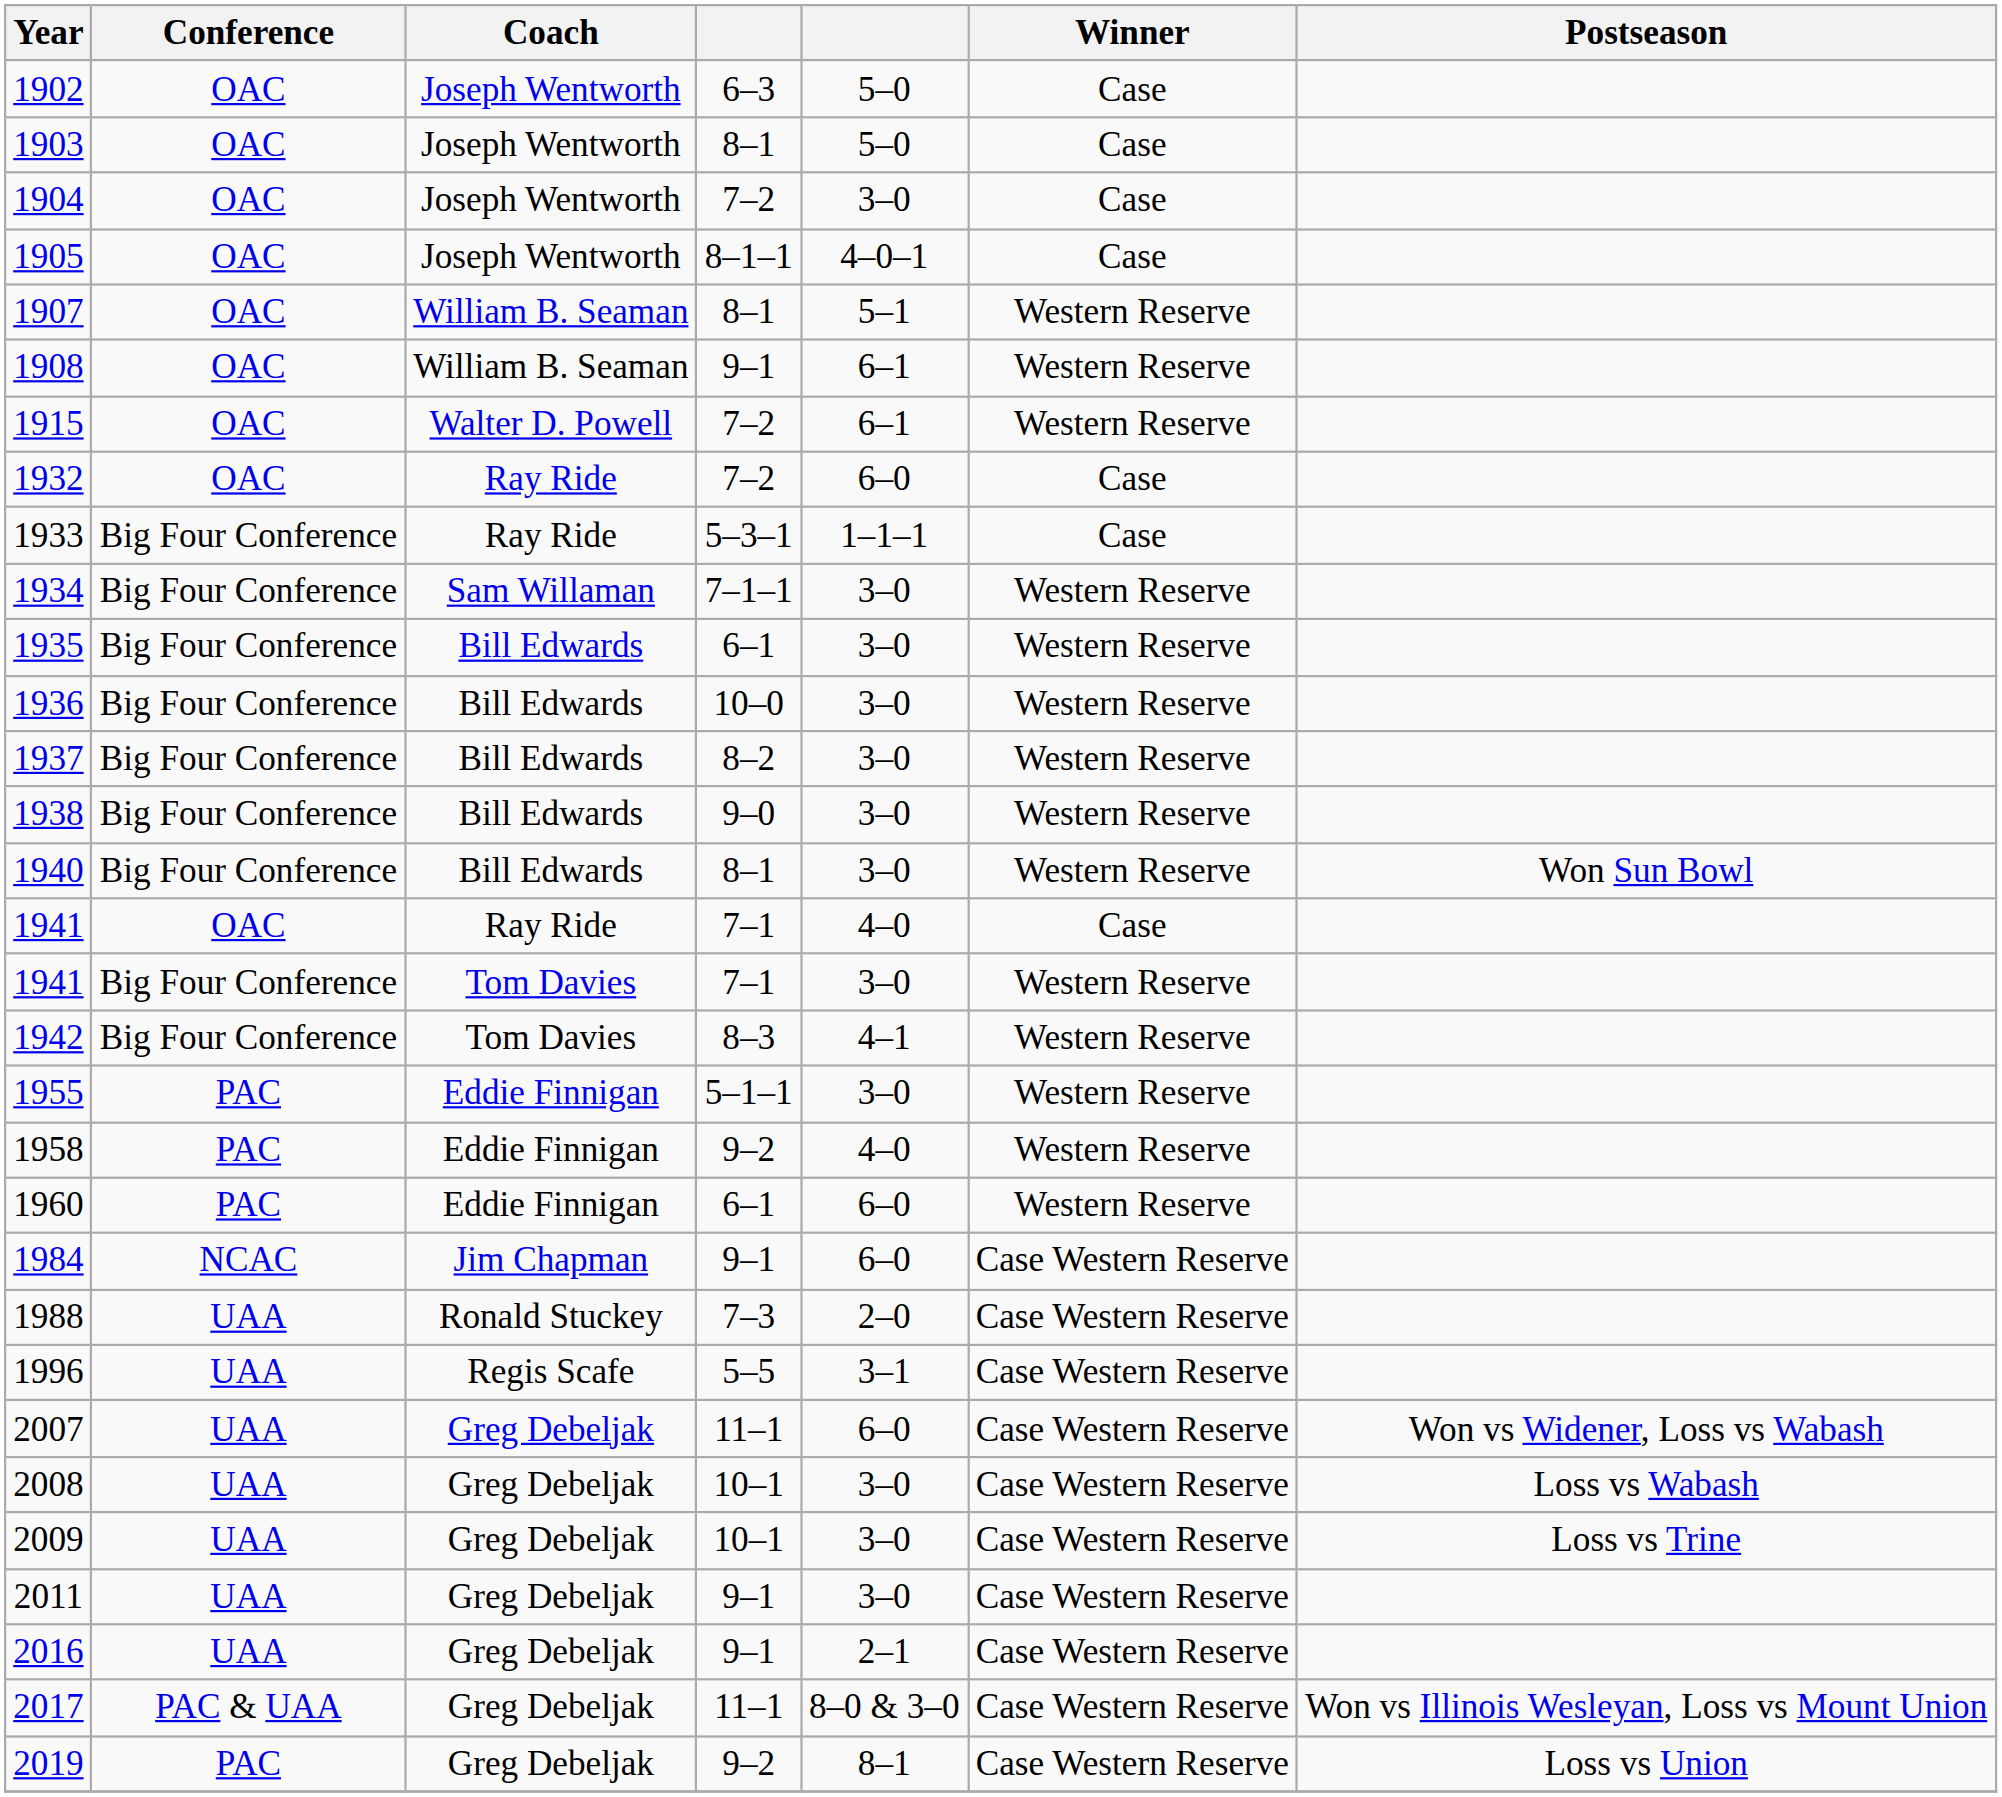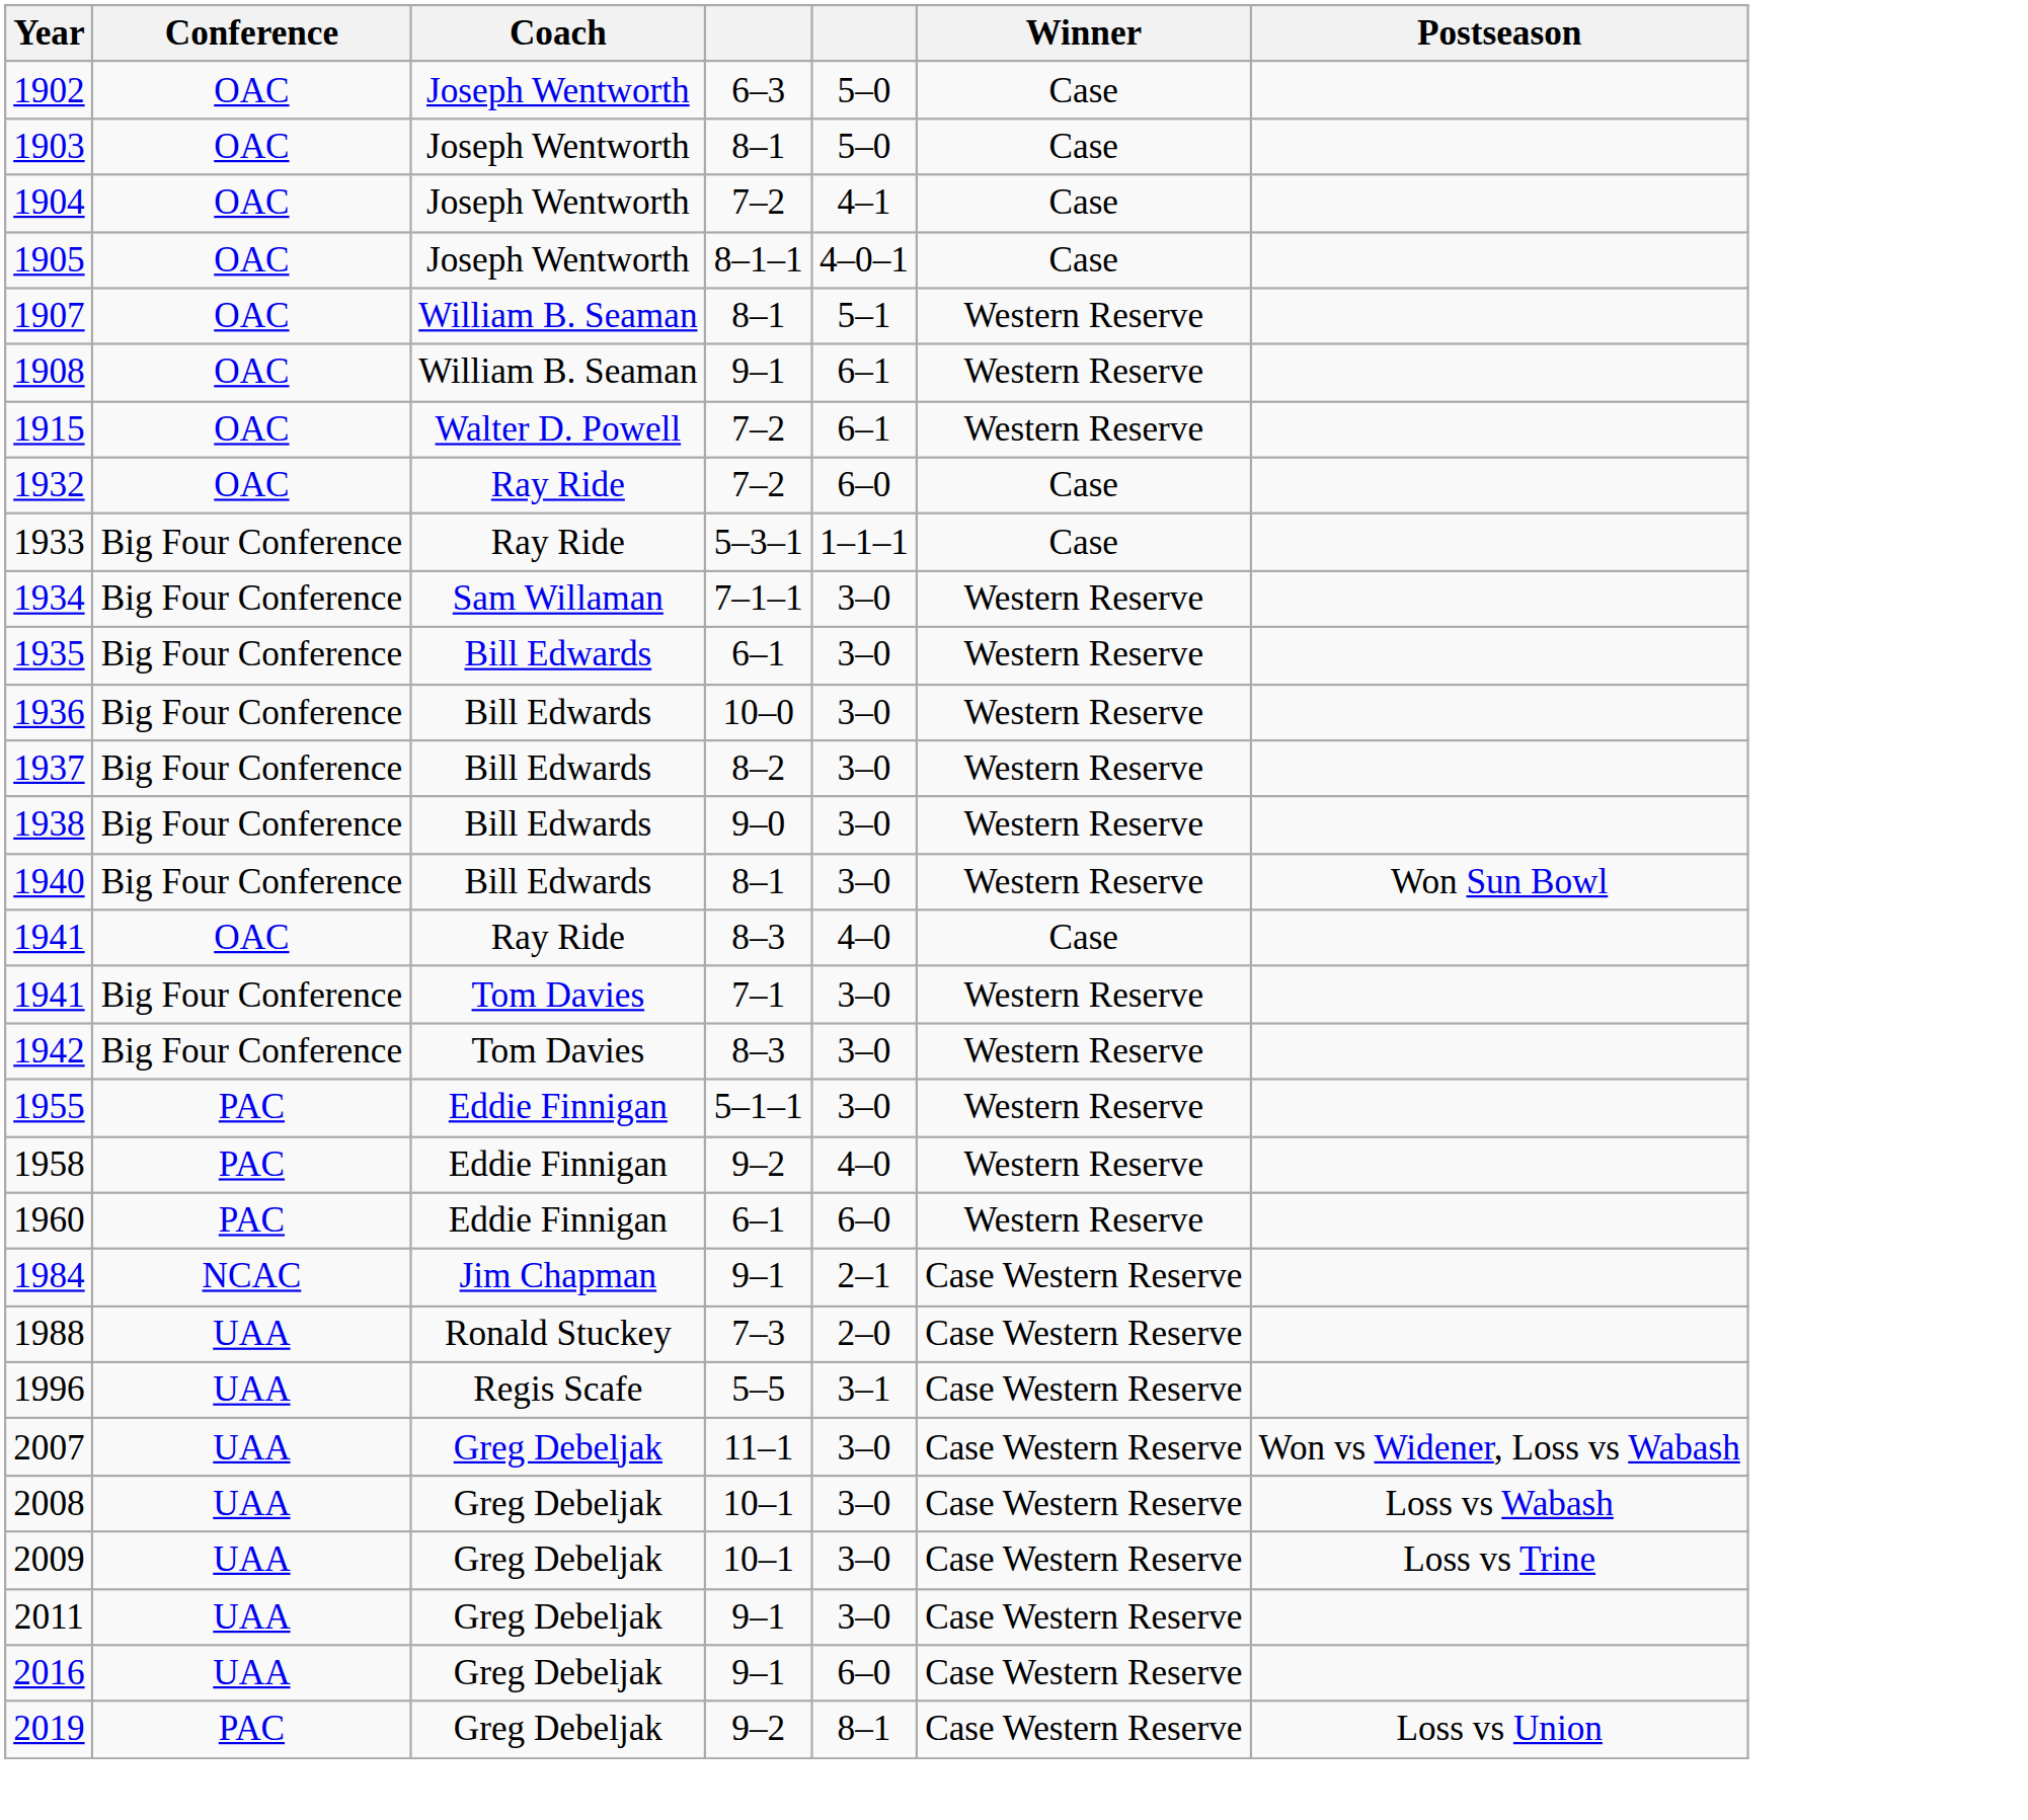 <table class= wikitable>
 <tr>
 <th width=px>Year</th>
 <th width=px>Conference</th>
 <th width=px>Coach</th>
 <th width=px></th>
 <th width=px></th>
 <th width=px>Winner</th>
 <th width=px>Postseason</th>
 </tr>
 <tr style="text-align:center;">
 <td><a href='#'>1902</a></td>
 <td><a href='#'>OAC</a></td>
 <td><a href='#'>Joseph Wentworth</a></td>
 <td>6–3</td>
 <td>5–0</td>
 <td>Case</td>
 <td></td>
 </tr>
 <tr style="text-align:center;">
 <td><a href='#'>1903</a></td>
 <td><a href='#'>OAC</a></td>
 <td>Joseph Wentworth</td>
 <td>8–1</td>
 <td>5–0</td>
 <td>Case</td>
 <td></td>
 </tr>
 <tr style="text-align:center;">
 <td><a href='#'>1904</a></td>
 <td><a href='#'>OAC</a></td>
 <td>Joseph Wentworth</td>
 <td>7–2</td>
-<td>3–0</td>
+<td>4–1</td>
 <td>Case</td>
 <td></td>
 </tr>
 <tr style="text-align:center;">
 <td><a href='#'>1905</a></td>
 <td><a href='#'>OAC</a></td>
 <td>Joseph Wentworth</td>
 <td>8–1–1</td>
 <td>4–0–1</td>
 <td>Case</td>
 <td></td>
 </tr>
 <tr style="text-align:center;">
 <td><a href='#'>1907</a></td>
 <td><a href='#'>OAC</a></td>
 <td><a href='#'>William B. Seaman</a></td>
 <td>8–1</td>
 <td>5–1</td>
 <td>Western Reserve</td>
 <td></td>
 </tr>
 <tr style="text-align:center;">
 <td><a href='#'>1908</a></td>
 <td><a href='#'>OAC</a></td>
 <td>William B. Seaman</td>
 <td>9–1</td>
 <td>6–1</td>
 <td>Western Reserve</td>
 <td></td>
 </tr>
 <tr style="text-align:center;">
 <td><a href='#'>1915</a></td>
 <td><a href='#'>OAC</a></td>
 <td><a href='#'>Walter D. Powell</a></td>
 <td>7–2</td>
 <td>6–1</td>
 <td>Western Reserve</td>
 <td></td>
 </tr>
 <tr style="text-align:center;">
 <td><a href='#'>1932</a></td>
 <td><a href='#'>OAC</a></td>
 <td><a href='#'>Ray Ride</a></td>
 <td>7–2</td>
 <td>6–0</td>
 <td>Case</td>
 <td></td>
 </tr>
 <tr style="text-align:center;">
 <td>1933</td>
 <td>Big Four Conference</td>
 <td>Ray Ride</td>
 <td>5–3–1</td>
 <td>1–1–1</td>
 <td>Case</td>
 <td></td>
 </tr>
 <tr style="text-align:center;">
 <td><a href='#'>1934</a></td>
 <td>Big Four Conference</td>
 <td><a href='#'>Sam Willaman</a></td>
 <td>7–1–1</td>
 <td>3–0</td>
 <td>Western Reserve</td>
 <td></td>
 </tr>
 <tr style="text-align:center;">
 <td><a href='#'>1935</a></td>
 <td>Big Four Conference</td>
 <td><a href='#'>Bill Edwards</a></td>
 <td>6–1</td>
 <td>3–0</td>
 <td>Western Reserve</td>
 <td></td>
 </tr>
 <tr style="text-align:center;">
 <td><a href='#'>1936</a></td>
 <td>Big Four Conference</td>
 <td>Bill Edwards</td>
 <td>10–0</td>
 <td>3–0</td>
 <td>Western Reserve</td>
 <td></td>
 </tr>
 <tr style="text-align:center;">
 <td><a href='#'>1937</a></td>
 <td>Big Four Conference</td>
 <td>Bill Edwards</td>
 <td>8–2</td>
 <td>3–0</td>
 <td>Western Reserve</td>
 <td></td>
 </tr>
 <tr style="text-align:center;">
 <td><a href='#'>1938</a></td>
 <td>Big Four Conference</td>
 <td>Bill Edwards</td>
 <td>9–0</td>
 <td>3–0</td>
 <td>Western Reserve</td>
 <td></td>
 </tr>
 <tr style="text-align:center;">
 <td><a href='#'>1940</a></td>
 <td>Big Four Conference</td>
 <td>Bill Edwards</td>
 <td>8–1</td>
 <td>3–0</td>
 <td>Western Reserve</td>
 <td>Won <a href='#'>Sun Bowl</a></td>
 </tr>
 <tr style="text-align:center;">
 <td><a href='#'>1941</a></td>
 <td><a href='#'>OAC</a></td>
 <td>Ray Ride</td>
-<td>7–1</td>
+<td>8–3</td>
 <td>4–0</td>
 <td>Case</td>
 <td></td>
 </tr>
 <tr style="text-align:center;">
 <td><a href='#'>1941</a></td>
 <td>Big Four Conference</td>
 <td><a href='#'>Tom Davies</a></td>
 <td>7–1</td>
 <td>3–0</td>
 <td>Western Reserve</td>
 <td></td>
 </tr>
 <tr style="text-align:center;">
 <td><a href='#'>1942</a></td>
 <td>Big Four Conference</td>
 <td>Tom Davies</td>
 <td>8–3</td>
-<td>4–1</td>
+<td>3–0</td>
 <td>Western Reserve</td>
 <td></td>
 </tr>
 <tr style="text-align:center;">
 <td><a href='#'>1955</a></td>
 <td><a href='#'>PAC</a></td>
 <td><a href='#'>Eddie Finnigan</a></td>
 <td>5–1–1</td>
 <td>3–0</td>
 <td>Western Reserve</td>
 <td></td>
 </tr>
 <tr style="text-align:center;">
 <td>1958</td>
 <td><a href='#'>PAC</a></td>
 <td>Eddie Finnigan</td>
 <td>9–2</td>
 <td>4–0</td>
 <td>Western Reserve</td>
 <td></td>
 </tr>
 <tr style="text-align:center;">
 <td>1960</td>
 <td><a href='#'>PAC</a></td>
 <td>Eddie Finnigan</td>
 <td>6–1</td>
 <td>6–0</td>
 <td>Western Reserve</td>
 <td></td>
 </tr>
 <tr style="text-align:center;">
 <td><a href='#'>1984</a></td>
 <td><a href='#'>NCAC</a></td>
 <td><a href='#'>Jim Chapman</a></td>
 <td>9–1</td>
-<td>6–0</td>
+<td>2–1</td>
 <td>Case Western Reserve</td>
 <td></td>
 </tr>
 <tr style="text-align:center;">
 <td>1988</td>
 <td><a href='#'>UAA</a></td>
 <td>Ronald Stuckey</td>
 <td>7–3</td>
 <td>2–0</td>
 <td>Case Western Reserve</td>
 <td></td>
 </tr>
 <tr style="text-align:center;">
 <td>1996</td>
 <td><a href='#'>UAA</a></td>
 <td>Regis Scafe</td>
 <td>5–5</td>
 <td>3–1</td>
 <td>Case Western Reserve</td>
 <td></td>
 </tr>
 <tr style="text-align:center;">
 <td>2007</td>
 <td><a href='#'>UAA</a></td>
 <td><a href='#'>Greg Debeljak</a></td>
 <td>11–1</td>
-<td>6–0</td>
+<td>3–0</td>
 <td>Case Western Reserve</td>
 <td>Won vs <a href='#'>Widener</a>, Loss vs <a href='#'>Wabash</a></td>
 </tr>
 <tr style="text-align:center;">
 <td>2008</td>
 <td><a href='#'>UAA</a></td>
 <td>Greg Debeljak</td>
 <td>10–1</td>
 <td>3–0</td>
 <td>Case Western Reserve</td>
 <td>Loss vs <a href='#'>Wabash</a></td>
 </tr>
 <tr style="text-align:center;">
 <td>2009</td>
 <td><a href='#'>UAA</a></td>
 <td>Greg Debeljak</td>
 <td>10–1</td>
 <td>3–0</td>
 <td>Case Western Reserve</td>
 <td>Loss vs <a href='#'>Trine</a></td>
 </tr>
 <tr style="text-align:center;">
 <td>2011</td>
 <td><a href='#'>UAA</a></td>
 <td>Greg Debeljak</td>
 <td>9–1</td>
 <td>3–0</td>
 <td>Case Western Reserve</td>
 <td></td>
 </tr>
 <tr style="text-align:center;">
 <td><a href='#'>2016</a></td>
 <td><a href='#'>UAA</a></td>
 <td>Greg Debeljak</td>
 <td>9–1</td>
-<td>2–1</td>
+<td>6–0</td>
 <td>Case Western Reserve</td>
 <td></td>
-</tr>
-<tr style="text-align:center;">
-<td><a href='#'>2017</a></td>
-<td><a href='#'>PAC</a> & <a href='#'>UAA</a></td>
-<td>Greg Debeljak</td>
-<td>11–1</td>
-<td>8–0 & 3–0</td>
-<td>Case Western Reserve</td>
-<td>Won vs <a href='#'>Illinois Wesleyan</a>, Loss vs <a href='#'>Mount Union</a></td>
 </tr>
 <tr style="text-align:center;">
 <td><a href='#'>2019</a></td>
 <td><a href='#'>PAC</a></td>
 <td>Greg Debeljak</td>
 <td>9–2</td>
 <td>8–1</td>
 <td>Case Western Reserve</td>
 <td>Loss vs <a href='#'>Union</a></td>
 </tr>
 <tr style="text-align:center;">
 </tr>
 </table>
